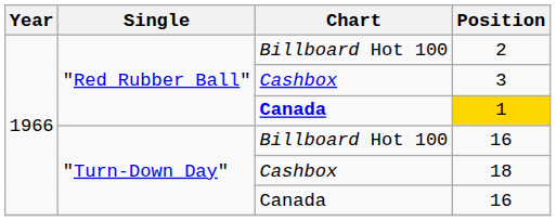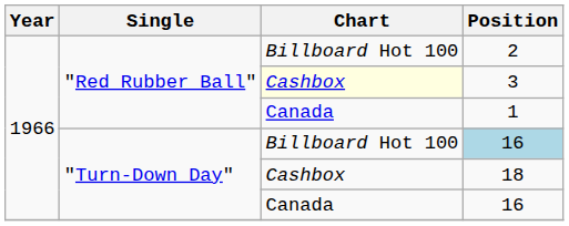 <table class="wikitable">
 <tr>
 <th>Year</th>
 <th>Single</th>
 <th>Chart</th>
 <th>Position</th>
 </tr>
 <tr>
 <td rowspan="6">1966</td>
 <td rowspan="3">"<a href='#'>Red Rubber Ball</a>"</td>
 <td><em>Billboard</em> Hot 100</td>
 <td align="center">2</td>
 </tr>
 <tr>
-<td><a href='#'><em>Cashbox</em></a></td>
+<td style="background: lightyellow;"><a href='#'><em>Cashbox</em></a></td>
 <td align="center">3</td>
 </tr>
 <tr>
-<td><strong><a href='#'>Canada</a></strong></td>
-<td align="center" style="background: gold;">1</td>
+<td><a href='#'>Canada</a></td>
+<td align="center">1</td>
 </tr>
 <tr>
 <td rowspan="3">"<a href='#'>Turn-Down Day</a>"</td>
 <td><em>Billboard</em> Hot 100</td>
-<td align="center">16</td>
+<td align="center" style="background: lightblue;">16</td>
 </tr>
 <tr>
 <td><em>Cashbox</em></td>
 <td align="center">18</td>
 </tr>
 <tr>
 <td>Canada</td>
 <td align="center">16</td>
 </tr>
 <tr>
 </tr>
 </table>
